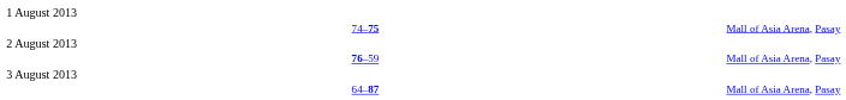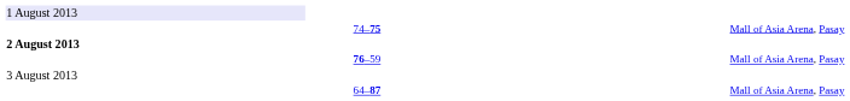 <table style="width:100%;" cellspacing="1">
 <tr>
 <th width=25%></th>
 <th width=2%></th>
 <th width=6%></th>
 <th width=2%></th>
 <th width=25%></th>
 </tr>
 <tr>
-<td>1 August 2013</td>
+<td style="background: lavender;">1 August 2013</td>
 </tr>
 <tr style=font-size:90%>
 <td align=right></td>
 <td></td>
 <td align=center><a href='#'>74–<strong>75</strong></a></td>
 <td></td>
 <td><strong></strong></td>
 <td><a href='#'>Mall of Asia Arena</a>, <a href='#'>Pasay</a></td>
 </tr>
 <tr>
-<td>2 August 2013</td>
+<td><strong>2 August 2013</strong></td>
 </tr>
 <tr style=font-size:90%>
 <td align=right><strong></strong></td>
 <td></td>
 <td align="center"><a href='#'><strong>76</strong>–59</a></td>
 <td></td>
 <td></td>
 <td><a href='#'>Mall of Asia Arena</a>, <a href='#'>Pasay</a></td>
 </tr>
 <tr>
 <td>3 August 2013</td>
 </tr>
 <tr style=font-size:90%>
 <td align=right></td>
 <td></td>
 <td align=center><a href='#'>64–<strong>87</strong></a></td>
 <td></td>
 <td><strong></strong></td>
 <td><a href='#'>Mall of Asia Arena</a>, <a href='#'>Pasay</a></td>
 </tr>
 </table>
